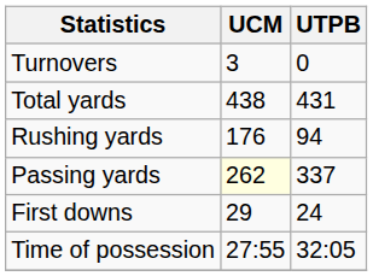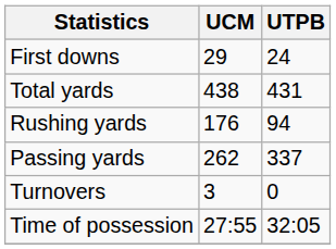 <table class="wikitable" style="float: left;">
 <tr>
 <th>Statistics</th>
 <th>UCM</th>
 <th>UTPB</th>
 </tr>
 <tr>
-<td>Turnovers</td>
-<td>3</td>
-<td>0</td>
+<td>First downs</td>
+<td>29</td>
+<td>24</td>
 </tr>
 <tr>
 <td>Total yards</td>
 <td>438</td>
 <td>431</td>
 </tr>
 <tr>
 <td>Rushing yards</td>
 <td>176</td>
 <td>94</td>
 </tr>
 <tr>
 <td>Passing yards</td>
-<td style="background: lightyellow;">262</td>
+<td>262</td>
 <td>337</td>
 </tr>
 <tr>
-<td>First downs</td>
-<td>29</td>
-<td>24</td>
+<td>Turnovers</td>
+<td>3</td>
+<td>0</td>
 </tr>
 <tr>
 <td>Time of possession</td>
 <td>27:55</td>
 <td>32:05</td>
 </tr>
 <tr>
 </tr>
 </table>
